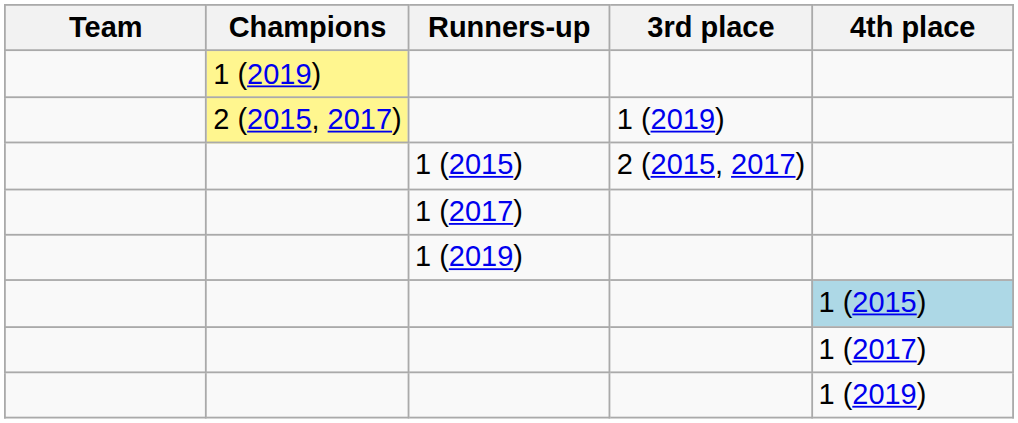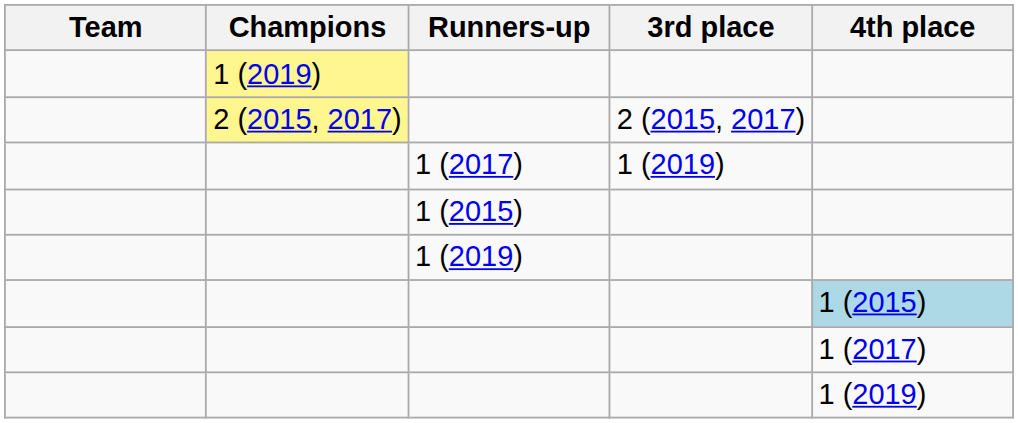 <table class="wikitable">
 <tr>
 <th style="width:20%">Team</th>
 <th style="width:20%">Champions</th>
 <th style="width:20%">Runners-up</th>
 <th style="width:20%">3rd place</th>
 <th style="width:20%">4th place</th>
 </tr>
 <tr>
 <td></td>
 <td style=background:#FFF68F>1 (<a href='#'>2019</a>)</td>
 <td></td>
 <td></td>
 <td></td>
 </tr>
 <tr>
 <td></td>
 <td style=background:#FFF68F>2 (<a href='#'>2015</a>, <a href='#'>2017</a>)</td>
 <td></td>
+<td>2 (<a href='#'>2015</a>, <a href='#'>2017</a>)</td>
+<td></td>
+</tr>
+<tr>
+<td></td>
+<td></td>
+<td>1 (<a href='#'>2017</a>)</td>
 <td>1 (<a href='#'>2019</a>)</td>
 <td></td>
 </tr>
 <tr>
 <td></td>
 <td></td>
 <td>1 (<a href='#'>2015</a>)</td>
-<td>2 (<a href='#'>2015</a>, <a href='#'>2017</a>)</td>
-<td></td>
-</tr>
-<tr>
-<td></td>
-<td></td>
-<td>1 (<a href='#'>2017</a>)</td>
 <td></td>
 <td></td>
 </tr>
 <tr>
 <td></td>
 <td></td>
 <td>1 (<a href='#'>2019</a>)</td>
 <td></td>
 <td></td>
 </tr>
 <tr>
 <td></td>
 <td></td>
 <td></td>
 <td></td>
 <td style="background: lightblue;">1 (<a href='#'>2015</a>)</td>
 </tr>
 <tr>
 <td></td>
 <td></td>
 <td></td>
 <td></td>
 <td>1 (<a href='#'>2017</a>)</td>
 </tr>
 <tr>
 <td></td>
 <td></td>
 <td></td>
 <td></td>
 <td>1 (<a href='#'>2019</a>)</td>
 </tr>
 </table>
